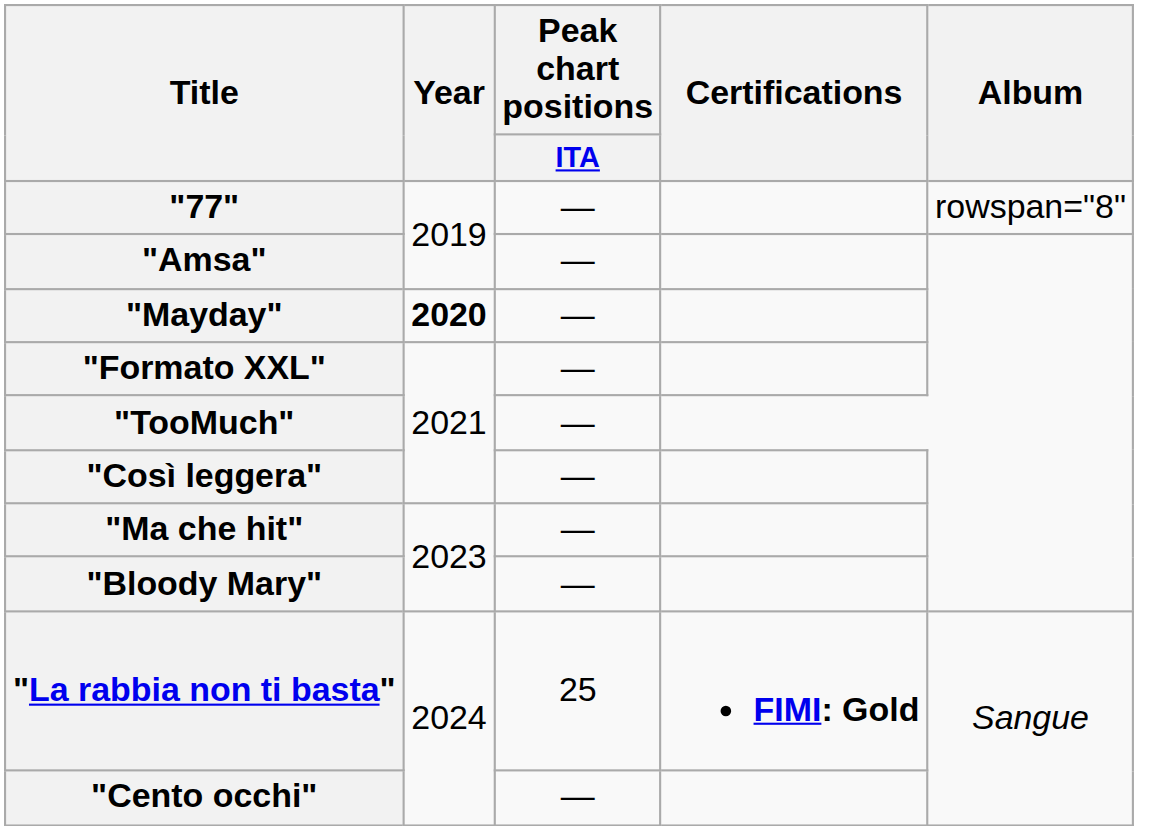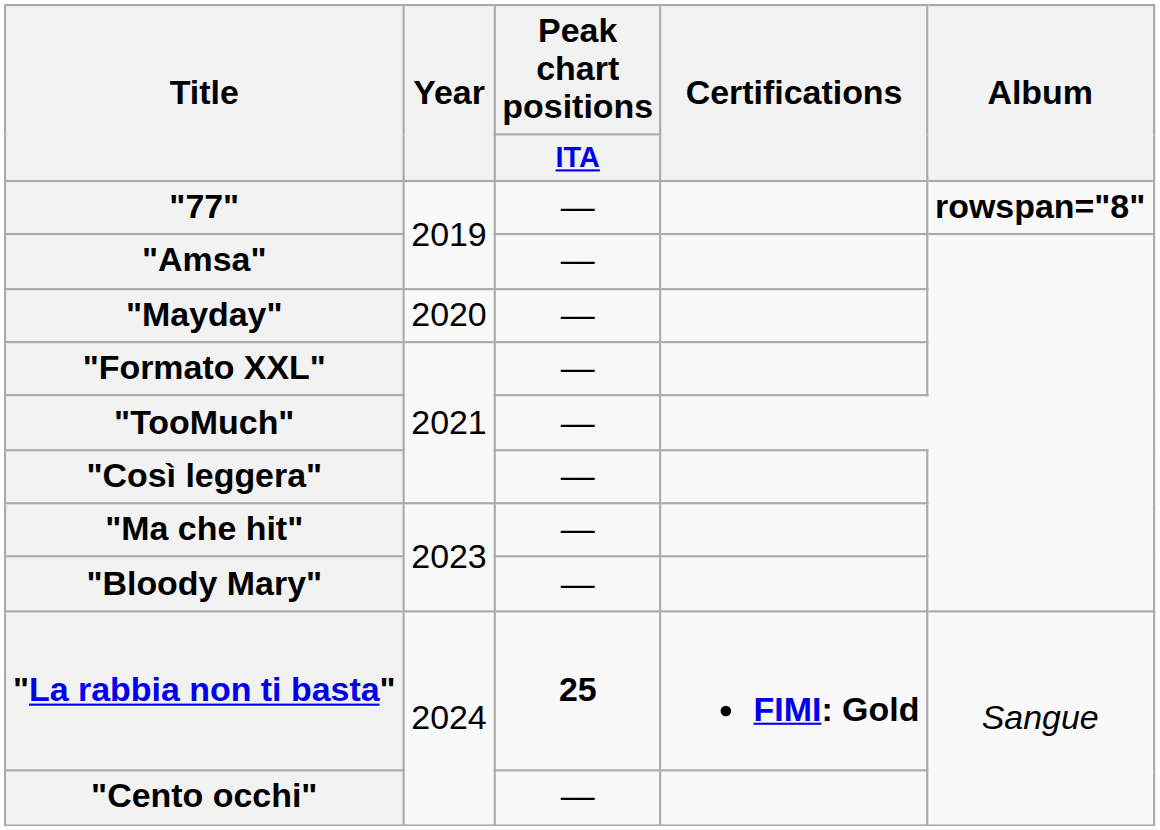 <table class="wikitable plainrowheaders" style="text-align:center;">
 <tr>
 <th scope="col" rowspan="2">Title</th>
 <th scope="col" rowspan="2">Year</th>
 <th scope="col" colspan="1">Peak chart positions</th>
 <th scope="col" rowspan="2">Certifications</th>
 <th scope="col" rowspan="2">Album</th>
 </tr>
 <tr>
 <th scope="col" style="width:3em;font-size:85%"><a href='#'>ITA</a><br></th>
 </tr>
 <tr>
 <th scope="row">"77"</th>
 <td rowspan="2">2019</td>
 <td>—</td>
 <td></td>
-<td>rowspan="8" </td>
+<td><strong>rowspan="8" </strong></td>
 </tr>
 <tr>
 <th scope="row">"Amsa"</th>
 <td>—</td>
 <td></td>
 </tr>
 <tr>
 <th scope="row">"Mayday"<br></th>
-<td><strong>2020</strong></td>
+<td>2020</td>
 <td>—</td>
 <td></td>
 </tr>
 <tr>
 <th scope="row">"Formato XXL"<br></th>
 <td rowspan="3">2021</td>
 <td>—</td>
 <td></td>
 </tr>
 <tr>
 <th scope="row">"TooMuch"<br></th>
 <td>—</td>
 </tr>
 <tr>
 <th scope="row">"Così leggera"<br></th>
 <td>—</td>
 <td></td>
 </tr>
 <tr>
 <th scope="row">"Ma che hit"</th>
 <td rowspan="2">2023</td>
 <td>—</td>
 <td></td>
 </tr>
 <tr>
 <th scope="row">"Bloody Mary"</th>
 <td>—</td>
 <td></td>
 </tr>
 <tr>
 <th scope="row">"<a href='#'>La rabbia non ti basta</a>"</th>
 <td rowspan="2">2024</td>
-<td>25</td>
+<td><strong>25</strong></td>
 <td><strong><br><ul><li><a href='#'>FIMI</a>: Gold</li></ul></strong></td>
 <td rowspan="2"><em>Sangue</em></td>
 </tr>
 <tr>
 <th scope="row">"Cento occhi"</th>
 <td>—</td>
 <td></td>
 </tr>
 </table>
